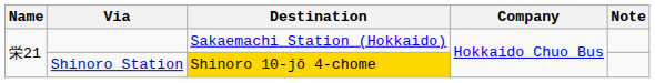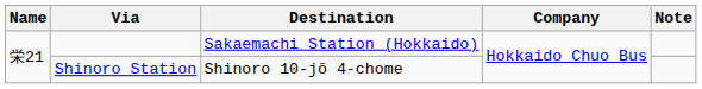 <table class="wikitable">
 <tr>
 <th>Name</th>
 <th>Via</th>
 <th>Destination</th>
 <th>Company</th>
 <th>Note</th>
 </tr>
 <tr>
 <td rowspan="2">栄21</td>
 <td></td>
 <td><a href='#'>Sakaemachi Station (Hokkaido)</a></td>
 <td rowspan="2"><a href='#'>Hokkaido Chuo Bus</a></td>
 <td></td>
 </tr>
 <tr>
 <td><a href='#'>Shinoro Station</a></td>
-<td style="background: gold;">Shinoro 10-jō 4-chome</td>
+<td>Shinoro 10-jō 4-chome</td>
 <td></td>
 </tr>
 </table>
